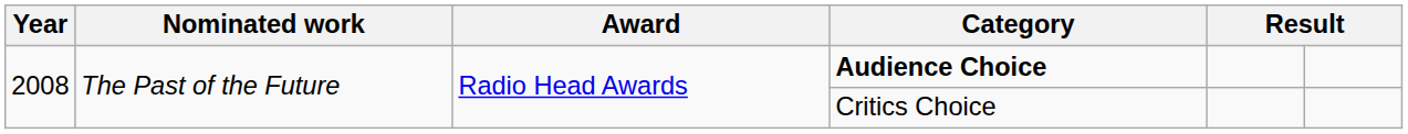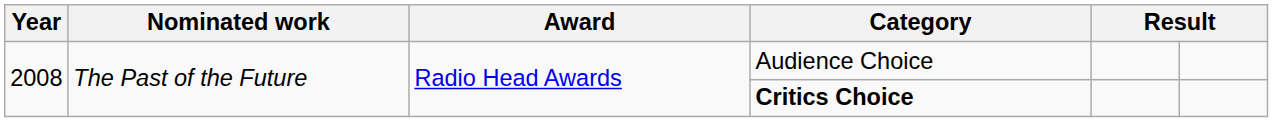 <table class=wikitable>
 <tr>
 <th width=5%>Year</th>
 <th width=27%>Nominated work</th>
 <th width=27%>Award</th>
 <th width=27%>Category</th>
 <th colspan=14%>Result</th>
 </tr>
 <tr>
 <td align=center rowspan=2>2008</td>
 <td rowspan=2><em>The Past of the Future</em></td>
 <td rowspan=2><a href='#'>Radio Head Awards</a></td>
-<td><strong>Audience Choice</strong></td>
+<td>Audience Choice</td>
 <td></td>
 <td align=center></td>
 </tr>
 <tr>
-<td>Critics Choice</td>
+<td><strong>Critics Choice</strong></td>
 <td></td>
 <td align=center></td>
 </tr>
 </table>
